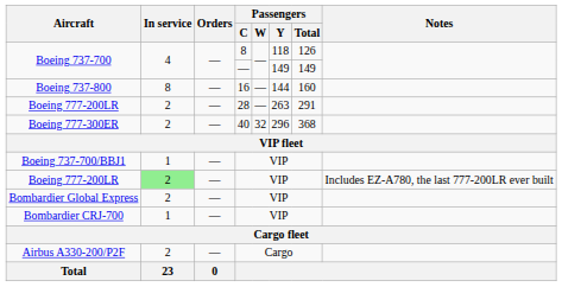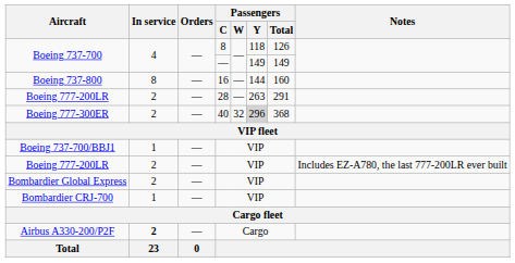 <table class="wikitable" style="text-align:center; margin:auto;">
 <tr>
 <th rowspan="2">Aircraft</th>
 <th rowspan="2">In service</th>
 <th rowspan="2">Orders</th>
 <th colspan="4">Passengers</th>
 <th rowspan="2">Notes</th>
 </tr>
 <tr>
 <th><abbr>C</abbr></th>
 <th><abbr>W</abbr></th>
 <th><abbr>Y</abbr></th>
 <th>Total</th>
 </tr>
 <tr>
 <td rowspan="2"><a href='#'>Boeing 737-700</a></td>
 <td rowspan="2">4</td>
 <td rowspan="2">—</td>
 <td>8</td>
 <td rowspan="2">—</td>
 <td>118</td>
 <td>126</td>
 <td rowspan="2"></td>
 </tr>
 <tr>
 <td>—</td>
 <td>149</td>
 <td>149</td>
 </tr>
 <tr>
 <td><a href='#'>Boeing 737-800</a></td>
 <td>8</td>
 <td>—</td>
 <td>16</td>
 <td>—</td>
 <td>144</td>
 <td>160</td>
 </tr>
 <tr>
 <td><a href='#'>Boeing 777-200LR</a></td>
 <td>2</td>
 <td>—</td>
 <td>28</td>
 <td>—</td>
 <td>263</td>
 <td>291</td>
 <td></td>
 </tr>
 <tr>
 <td><a href='#'>Boeing 777-300ER</a></td>
 <td>2</td>
 <td>—</td>
 <td>40</td>
 <td>32</td>
-<td>296</td>
+<td style="background: lightgrey;">296</td>
 <td>368</td>
 <td></td>
 </tr>
 <tr>
 <th colspan="8">VIP fleet</th>
 </tr>
 <tr>
 <td><a href='#'>Boeing 737-700/BBJ1</a></td>
 <td>1</td>
 <td>—</td>
 <td colspan="4"><abbr>VIP</abbr></td>
 <td></td>
 </tr>
 <tr>
 <td><a href='#'>Boeing 777-200LR</a></td>
-<td style="background: lightgreen;">2</td>
+<td>2</td>
 <td>—</td>
 <td colspan="4"><abbr>VIP</abbr></td>
 <td>Includes EZ-A780, the last 777-200LR ever built</td>
 </tr>
 <tr>
 <td><a href='#'>Bombardier Global Express</a></td>
 <td>2</td>
 <td>—</td>
 <td colspan="4"><abbr>VIP</abbr></td>
 <td></td>
 </tr>
 <tr>
 <td><a href='#'>Bombardier CRJ-700</a></td>
 <td>1</td>
 <td>—</td>
 <td colspan="4"><abbr>VIP</abbr></td>
 </tr>
 <tr>
 <th colspan="8">Cargo fleet</th>
 </tr>
 <tr>
 <td><a href='#'>Airbus A330-200/P2F</a></td>
-<td>2</td>
+<td><strong>2</strong></td>
 <td>—</td>
 <td colspan="4"><abbr>Cargo</abbr></td>
 <td></td>
 </tr>
 <tr>
 <th>Total</th>
 <th>23</th>
 <th>0</th>
 <th colspan="5"></th>
 </tr>
 </table>
